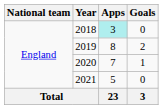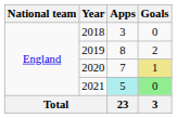 <table class="wikitable" style="text-align: center;">
 <tr>
 <th>National team</th>
 <th>Year</th>
 <th>Apps</th>
 <th>Goals</th>
 </tr>
 <tr>
 <td rowspan="4"><a href='#'>England</a></td>
 <td>2018</td>
-<td style="background: paleturquoise;">3</td>
+<td>3</td>
 <td>0</td>
 </tr>
 <tr>
 <td>2019</td>
 <td>8</td>
 <td>2</td>
 </tr>
 <tr>
 <td>2020</td>
 <td>7</td>
-<td>1</td>
+<td style="background: khaki;">1</td>
 </tr>
 <tr>
 <td>2021</td>
-<td>5</td>
-<td>0</td>
+<td style="background: paleturquoise;">5</td>
+<td style="background: lightgreen;">0</td>
 </tr>
 <tr>
 <th colspan="2">Total</th>
 <th>23</th>
 <th>3</th>
 </tr>
 </table>
